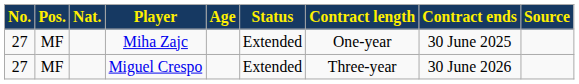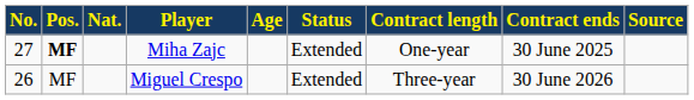 <table class="wikitable plainrowheaders sortable" style="text-align: center;">
 <tr>
 <th style="background:#163962; color:#FFF000; ">No.</th>
 <th style="background:#163962; color:#FFF000; ">Pos.</th>
 <th style="background:#163962; color:#FFF000; ">Nat.</th>
 <th style="background:#163962; color:#FFF000; ">Player</th>
 <th style="background:#163962; color:#FFF000; ">Age</th>
 <th style="background:#163962; color:#FFF000; ">Status</th>
 <th style="background:#163962; color:#FFF000; ">Contract length</th>
 <th style="background:#163962; color:#FFF000; ">Contract ends</th>
 <th style="background:#163962; color:#FFF000; ">Source</th>
 </tr>
 <tr>
 <td align=center>27</td>
-<td align=center>MF</td>
+<td align=center><strong>MF</strong></td>
 <td align=center></td>
 <td><a href='#'>Miha Zajc</a></td>
 <td></td>
 <td>Extended</td>
 <td>One-year</td>
 <td>30 June 2025</td>
 <td></td>
 </tr>
 <tr>
-<td align=center>27</td>
+<td align=center>26</td>
 <td align=center>MF</td>
 <td align=center></td>
 <td><a href='#'>Miguel Crespo</a></td>
 <td></td>
 <td>Extended</td>
 <td>Three-year</td>
 <td>30 June 2026</td>
 <td></td>
 </tr>
 </table>
